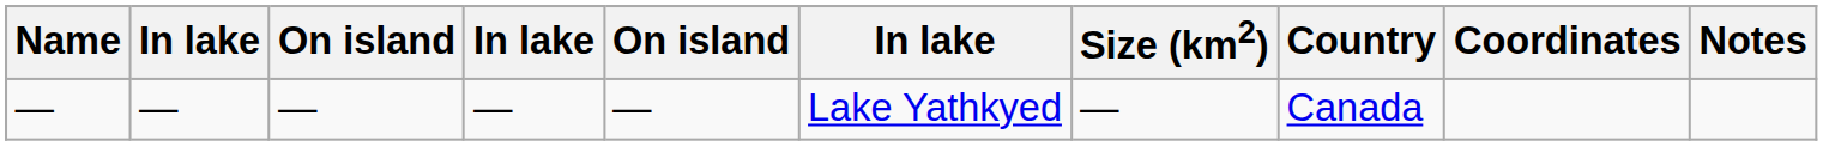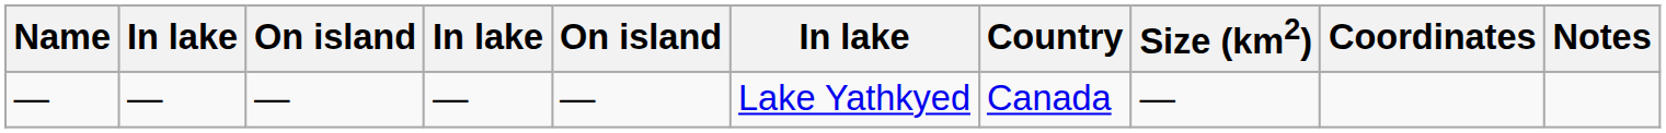 <table class="wikitable sortable">
 <tr>
 <th>Name</th>
 <th>In lake</th>
 <th>On island</th>
 <th>In lake</th>
 <th>On island</th>
 <th>In lake</th>
+<th>Country</th>
 <th>Size (km<sup>2</sup>)</th>
-<th>Country</th>
 <th>Coordinates</th>
 <th>Notes</th>
 </tr>
 <tr>
 <td>—</td>
 <td>—</td>
 <td>—</td>
 <td>—</td>
 <td>—</td>
 <td><a href='#'>Lake Yathkyed</a></td>
+<td><a href='#'>Canada</a></td>
 <td>—</td>
-<td><a href='#'>Canada</a></td>
 <td></td>
 <td></td>
 </tr>
 </table>
